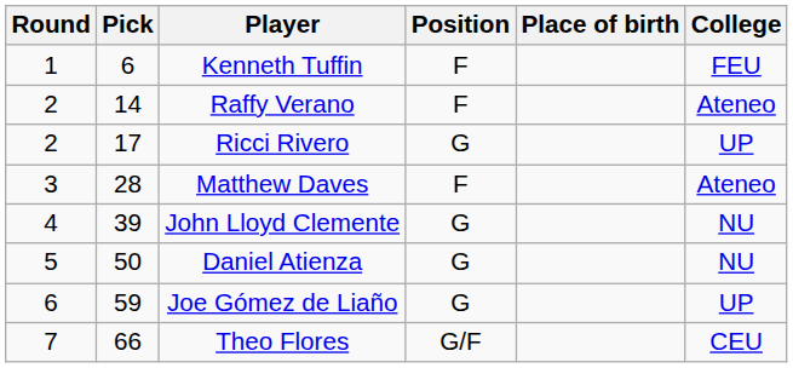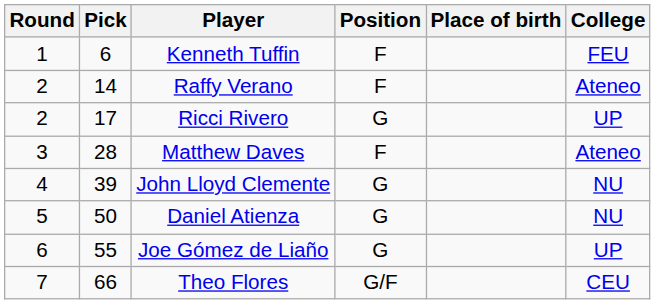 <table class="wikitable sortable sortable" style="text-align:center">
 <tr>
 <th>Round</th>
 <th>Pick</th>
 <th>Player</th>
 <th>Position</th>
 <th>Place of birth</th>
 <th>College</th>
 </tr>
 <tr>
 <td>1</td>
 <td>6</td>
 <td><a href='#'>Kenneth Tuffin</a></td>
 <td>F</td>
 <td></td>
 <td><a href='#'>FEU</a></td>
 </tr>
 <tr>
 <td>2</td>
 <td>14</td>
 <td><a href='#'>Raffy Verano</a></td>
 <td>F</td>
 <td></td>
 <td><a href='#'>Ateneo</a></td>
 </tr>
 <tr>
 <td>2</td>
 <td>17</td>
 <td><a href='#'>Ricci Rivero</a></td>
 <td>G</td>
 <td></td>
 <td><a href='#'>UP</a></td>
 </tr>
 <tr>
 <td>3</td>
 <td>28</td>
 <td><a href='#'>Matthew Daves</a></td>
 <td>F</td>
 <td></td>
 <td><a href='#'>Ateneo</a></td>
 </tr>
 <tr>
 <td>4</td>
 <td>39</td>
 <td><a href='#'>John Lloyd Clemente</a></td>
 <td>G</td>
 <td></td>
 <td><a href='#'>NU</a></td>
 </tr>
 <tr>
 <td>5</td>
 <td>50</td>
 <td><a href='#'>Daniel Atienza</a></td>
 <td>G</td>
 <td></td>
 <td><a href='#'>NU</a></td>
 </tr>
 <tr>
 <td>6</td>
-<td>59</td>
+<td>55</td>
 <td><a href='#'>Joe Gómez de Liaño</a></td>
 <td>G</td>
 <td></td>
 <td><a href='#'>UP</a></td>
 </tr>
 <tr>
 <td>7</td>
 <td>66</td>
 <td><a href='#'>Theo Flores</a></td>
 <td>G/F</td>
 <td></td>
 <td><a href='#'>CEU</a></td>
 </tr>
 </table>
